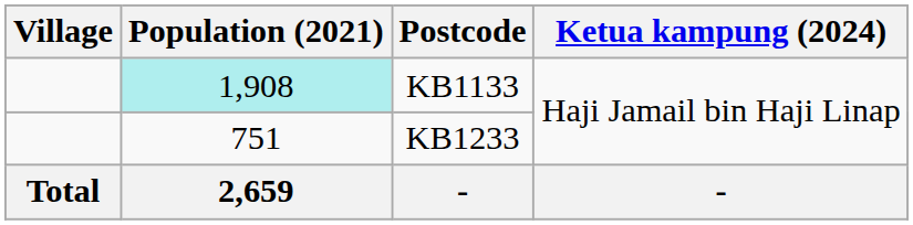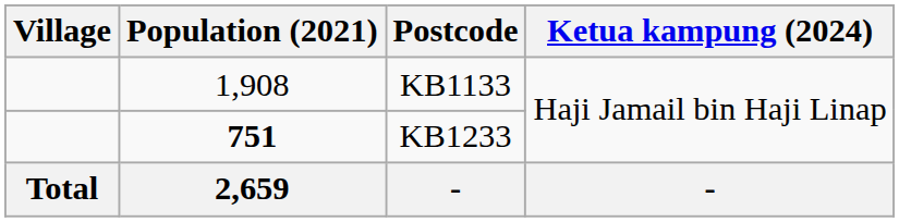 <table class="wikitable">
 <tr>
 <th>Village</th>
 <th>Population (2021)</th>
 <th>Postcode</th>
 <th><a href='#'>Ketua kampung</a> (2024)</th>
 </tr>
 <tr>
 <td></td>
-<td align="center" style="background: paleturquoise;">1,908</td>
+<td align="center">1,908</td>
 <td align="center">KB1133</td>
 <td rowspan="2">Haji Jamail bin Haji Linap</td>
 </tr>
 <tr>
 <td></td>
-<td align="center">751</td>
+<td align="center"><strong>751</strong></td>
 <td align="center">KB1233</td>
 </tr>
 <tr>
 <th>Total</th>
 <th>2,659</th>
 <th>-</th>
 <th>-</th>
 </tr>
 </table>
